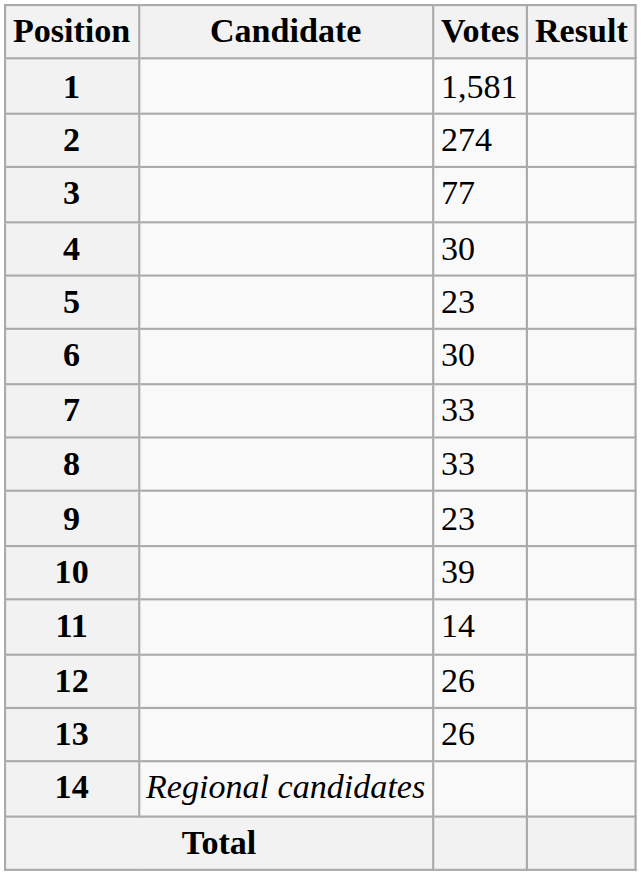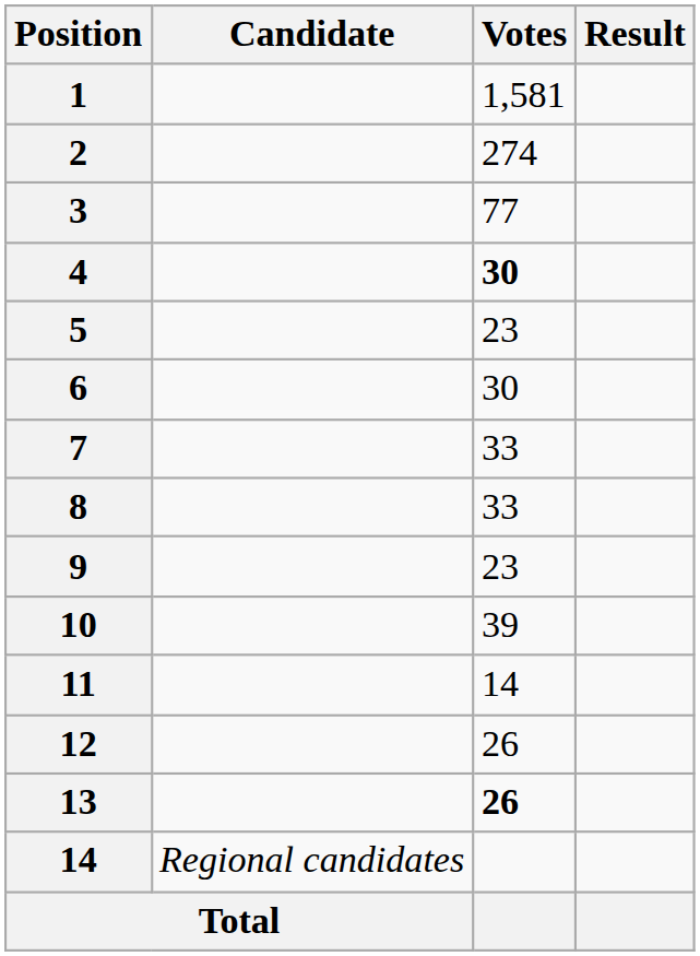 <table class="wikitable sortable col3right">
 <tr>
 <th scope="col">Position</th>
 <th scope="col">Candidate</th>
 <th scope="col">Votes</th>
 <th scope="col">Result</th>
 </tr>
 <tr>
 <th scope="row">1</th>
 <td></td>
 <td>1,581</td>
 <td></td>
 </tr>
 <tr>
 <th scope="row">2</th>
 <td></td>
 <td>274</td>
 <td></td>
 </tr>
 <tr>
 <th scope="row">3</th>
 <td></td>
 <td>77</td>
 <td></td>
 </tr>
 <tr>
 <th scope="row">4</th>
 <td></td>
-<td>30</td>
+<td><strong>30</strong></td>
 <td></td>
 </tr>
 <tr>
 <th scope="row">5</th>
 <td></td>
 <td>23</td>
 <td></td>
 </tr>
 <tr>
 <th scope="row">6</th>
 <td></td>
 <td>30</td>
 <td></td>
 </tr>
 <tr>
 <th scope="row">7</th>
 <td></td>
 <td>33</td>
 <td></td>
 </tr>
 <tr>
 <th scope="row">8</th>
 <td></td>
 <td>33</td>
 <td></td>
 </tr>
 <tr>
 <th scope="row">9</th>
 <td></td>
 <td>23</td>
 <td></td>
 </tr>
 <tr>
 <th scope="row">10</th>
 <td></td>
 <td>39</td>
 <td></td>
 </tr>
 <tr>
 <th scope="row">11</th>
 <td></td>
 <td>14</td>
 <td></td>
 </tr>
 <tr>
 <th scope="row">12</th>
 <td></td>
 <td>26</td>
 <td></td>
 </tr>
 <tr>
 <th scope="row">13</th>
 <td></td>
-<td>26</td>
+<td><strong>26</strong></td>
 <td></td>
 </tr>
 <tr>
 <th scope="row">14</th>
 <td><em>Regional candidates</em></td>
 <td></td>
 <td></td>
 </tr>
 <tr class="sortbottom">
 <th scope="row" colspan="2">Total</th>
 <th></th>
 <th></th>
 </tr>
 </table>
